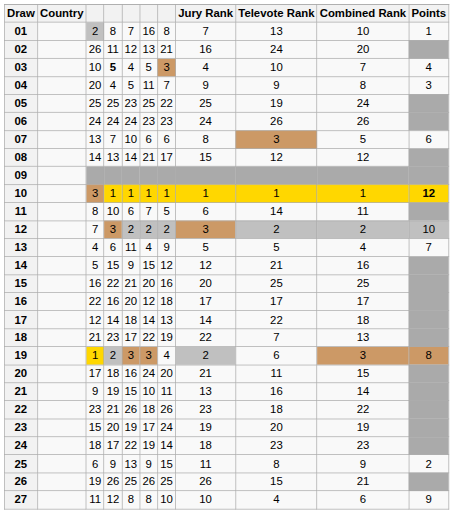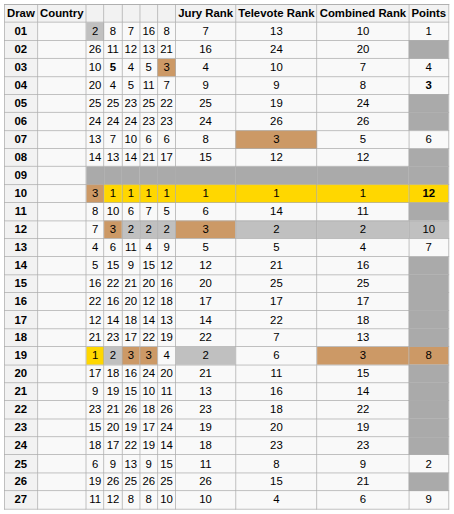 <table class="sortable wikitable collapsible plainrowheaders" style="text-align:center;">
 <tr>
 </tr>
 <tr>
 <th scope="col">Draw</th>
 <th scope="col">Country</th>
 <th scope="col"><small></small></th>
 <th scope="col"><small></small></th>
 <th scope="col"><small></small></th>
 <th scope="col"><small></small></th>
 <th scope="col"><small></small></th>
 <th scope="col">Jury Rank</th>
 <th scope="col">Televote Rank</th>
 <th scope="col">Combined Rank</th>
 <th scope="col">Points</th>
 </tr>
 <tr>
 <th scope="row" style="text-align:center;">01</th>
 <td style="text-align:left;"></td>
 <td style="background:silver;">2</td>
 <td>8</td>
 <td>7</td>
 <td>16</td>
 <td>8</td>
 <td>7</td>
 <td>13</td>
 <td>10</td>
 <td>1</td>
 </tr>
 <tr>
 <th scope="row" style="text-align:center;">02</th>
 <td style="text-align:left;"></td>
 <td>26</td>
 <td>11</td>
 <td>12</td>
 <td>13</td>
 <td>21</td>
 <td>16</td>
 <td>24</td>
 <td>20</td>
 <td style="background:#AAAAAA;"></td>
 </tr>
 <tr>
 <th scope="row" style="text-align:center;">03</th>
 <td style="text-align:left;"></td>
 <td>10</td>
 <td><strong>5</strong></td>
 <td>4</td>
 <td>5</td>
 <td style="background:#CC9966;">3</td>
 <td>4</td>
 <td>10</td>
 <td>7</td>
 <td>4</td>
 </tr>
 <tr>
 <th scope="row" style="text-align:center;">04</th>
 <td style="text-align:left;"></td>
 <td>20</td>
 <td>4</td>
 <td>5</td>
 <td>11</td>
 <td>7</td>
 <td>9</td>
 <td>9</td>
 <td>8</td>
-<td>3</td>
+<td><strong>3</strong></td>
 </tr>
 <tr>
 <th scope="row" style="text-align:center;">05</th>
 <td style="text-align:left;"></td>
 <td>25</td>
 <td>25</td>
 <td>23</td>
 <td>25</td>
 <td>22</td>
 <td>25</td>
 <td>19</td>
 <td>24</td>
 <td style="background:#AAAAAA;"></td>
 </tr>
 <tr>
 <th scope="row" style="text-align:center;">06</th>
 <td style="text-align:left;"></td>
 <td>24</td>
 <td>24</td>
 <td>24</td>
 <td>23</td>
 <td>23</td>
 <td>24</td>
 <td>26</td>
 <td>26</td>
 <td style="background:#AAAAAA;"></td>
 </tr>
 <tr>
 <th scope="row" style="text-align:center;">07</th>
 <td style="text-align:left;"></td>
 <td>13</td>
 <td>7</td>
 <td>10</td>
 <td>6</td>
 <td>6</td>
 <td>8</td>
 <td style="background:#CC9966;">3</td>
 <td>5</td>
 <td>6</td>
 </tr>
 <tr>
 <th scope="row" style="text-align:center;">08</th>
 <td style="text-align:left;"></td>
 <td>14</td>
 <td>13</td>
 <td>14</td>
 <td>21</td>
 <td>17</td>
 <td>15</td>
 <td>12</td>
 <td>12</td>
 <td style="background:#AAAAAA;"></td>
 </tr>
 <tr class="sortbottom">
 <th scope="row" style="text-align:center;">09</th>
 <td style="text-align:left;"></td>
 <td style="background:#AAAAAA;"></td>
 <td style="background:#AAAAAA;"></td>
 <td style="background:#AAAAAA;"></td>
 <td style="background:#AAAAAA;"></td>
 <td style="background:#AAAAAA;"></td>
 <td style="background:#AAAAAA;"></td>
 <td style="background:#AAAAAA;"></td>
 <td style="background:#AAAAAA;"></td>
 <td style="background:#AAAAAA;"></td>
 </tr>
 <tr>
 <th scope="row" style="text-align:center;">10</th>
 <td style="text-align:left;"></td>
 <td style="background:#CC9966;">3</td>
 <td style="background:gold;">1</td>
 <td style="background:gold;">1</td>
 <td style="background:gold;">1</td>
 <td style="background:gold;">1</td>
 <td style="background:gold;">1</td>
 <td style="background:gold;">1</td>
 <td style="background:gold;">1</td>
 <td style="background:gold;"><strong>12</strong></td>
 </tr>
 <tr>
 <th scope="row" style="text-align:center;">11</th>
 <td style="text-align:left;"></td>
 <td>8</td>
 <td>10</td>
 <td>6</td>
 <td>7</td>
 <td>5</td>
 <td>6</td>
 <td>14</td>
 <td>11</td>
 <td style="background:#AAAAAA;"></td>
 </tr>
 <tr>
 <th scope="row" style="text-align:center;">12</th>
 <td style="text-align:left;"></td>
 <td>7</td>
 <td style="background:#CC9966;">3</td>
 <td style="background:silver;">2</td>
 <td style="background:silver;">2</td>
 <td style="background:silver;">2</td>
 <td style="background:#CC9966;">3</td>
 <td style="background:silver;">2</td>
 <td style="background:silver;">2</td>
 <td style="background:silver;">10</td>
 </tr>
 <tr>
 <th scope="row" style="text-align:center;">13</th>
 <td style="text-align:left;"></td>
 <td>4</td>
 <td>6</td>
 <td>11</td>
 <td>4</td>
 <td>9</td>
 <td>5</td>
 <td>5</td>
 <td>4</td>
 <td>7</td>
 </tr>
 <tr>
 <th scope="row" style="text-align:center;">14</th>
 <td style="text-align:left;"></td>
 <td>5</td>
 <td>15</td>
 <td>9</td>
 <td>15</td>
 <td>12</td>
 <td>12</td>
 <td>21</td>
 <td>16</td>
 <td style="background:#AAAAAA;"></td>
 </tr>
 <tr>
 <th scope="row" style="text-align:center;">15</th>
 <td style="text-align:left;"></td>
 <td>16</td>
 <td>22</td>
 <td>21</td>
 <td>20</td>
 <td>16</td>
 <td>20</td>
 <td>25</td>
 <td>25</td>
 <td style="background:#AAAAAA;"></td>
 </tr>
 <tr>
 <th scope="row" style="text-align:center;">16</th>
 <td style="text-align:left;"></td>
 <td>22</td>
 <td>16</td>
 <td>20</td>
 <td>12</td>
 <td>18</td>
 <td>17</td>
 <td>17</td>
 <td>17</td>
 <td style="background:#AAAAAA;"></td>
 </tr>
 <tr>
 <th scope="row" style="text-align:center;">17</th>
 <td style="text-align:left;"></td>
 <td>12</td>
 <td>14</td>
 <td>18</td>
 <td>14</td>
 <td>13</td>
 <td>14</td>
 <td>22</td>
 <td>18</td>
 <td style="background:#AAAAAA;"></td>
 </tr>
 <tr>
 <th scope="row" style="text-align:center;">18</th>
 <td style="text-align:left;"></td>
 <td>21</td>
 <td>23</td>
 <td>17</td>
 <td>22</td>
 <td>19</td>
 <td>22</td>
 <td>7</td>
 <td>13</td>
 <td style="background:#AAAAAA;"></td>
 </tr>
 <tr>
 <th scope="row" style="text-align:center;">19</th>
 <td style="text-align:left;"></td>
 <td style="background:gold;">1</td>
 <td style="background:silver;">2</td>
 <td style="background:#CC9966;">3</td>
 <td style="background:#CC9966;">3</td>
 <td>4</td>
 <td style="background:silver;">2</td>
 <td>6</td>
 <td style="background:#CC9966;">3</td>
 <td style="background:#CC9966;">8</td>
 </tr>
 <tr>
 <th scope="row" style="text-align:center;">20</th>
 <td style="text-align:left;"></td>
 <td>17</td>
 <td>18</td>
 <td>16</td>
 <td>24</td>
 <td>20</td>
 <td>21</td>
 <td>11</td>
 <td>15</td>
 <td style="background:#AAAAAA;"></td>
 </tr>
 <tr>
 <th scope="row" style="text-align:center;">21</th>
 <td style="text-align:left;"></td>
 <td>9</td>
 <td>19</td>
 <td>15</td>
 <td>10</td>
 <td>11</td>
 <td>13</td>
 <td>16</td>
 <td>14</td>
 <td style="background:#AAAAAA;"></td>
 </tr>
 <tr>
 <th scope="row" style="text-align:center;">22</th>
 <td style="text-align:left;"></td>
 <td>23</td>
 <td>21</td>
 <td>26</td>
 <td>18</td>
 <td>26</td>
 <td>23</td>
 <td>18</td>
 <td>22</td>
 <td style="background:#AAAAAA;"></td>
 </tr>
 <tr>
 <th scope="row" style="text-align:center;">23</th>
 <td style="text-align:left;"></td>
 <td>15</td>
 <td>20</td>
 <td>19</td>
 <td>17</td>
 <td>24</td>
 <td>19</td>
 <td>20</td>
 <td>19</td>
 <td style="background:#AAAAAA;"></td>
 </tr>
 <tr>
 <th scope="row" style="text-align:center;">24</th>
 <td style="text-align:left;"></td>
 <td>18</td>
 <td>17</td>
 <td>22</td>
 <td>19</td>
 <td>14</td>
 <td>18</td>
 <td>23</td>
 <td>23</td>
 <td style="background:#AAAAAA;"></td>
 </tr>
 <tr>
 <th scope="row" style="text-align:center;">25</th>
 <td style="text-align:left;"></td>
 <td>6</td>
 <td>9</td>
 <td>13</td>
 <td>9</td>
 <td>15</td>
 <td>11</td>
 <td>8</td>
 <td>9</td>
 <td>2</td>
 </tr>
 <tr>
 <th scope="row" style="text-align:center;">26</th>
 <td style="text-align:left;"></td>
 <td>19</td>
 <td>26</td>
 <td>25</td>
 <td>26</td>
 <td>25</td>
 <td>26</td>
 <td>15</td>
 <td>21</td>
 <td style="background:#AAAAAA;"></td>
 </tr>
 <tr>
 <th scope="row" style="text-align:center;">27</th>
 <td style="text-align:left;"></td>
 <td>11</td>
 <td>12</td>
 <td>8</td>
 <td>8</td>
 <td>10</td>
 <td>10</td>
 <td>4</td>
 <td>6</td>
 <td>9</td>
 </tr>
 </table>
